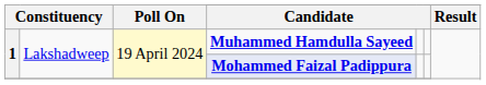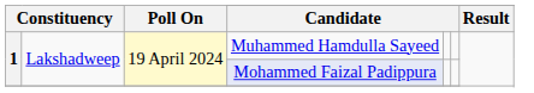 <table class="wikitable " style="text-align:center;">
 <tr>
 <th colspan="2" rowspan="2">Constituency</th>
 <th rowspan="2">Poll On</th>
 </tr>
 <tr>
 <th colspan="3">Candidate</th>
 <th>Result</th>
 </tr>
 <tr>
 <th rowspan="2">1</th>
 <td rowspan="2"><a href='#'>Lakshadweep</a></td>
 <td rowspan="2" bgcolor=#FFFACD>19 April 2024</td>
-<td><strong><a href='#'>Muhammed Hamdulla Sayeed</a></strong></td>
+<td><a href='#'>Muhammed Hamdulla Sayeed</a></td>
 <td></td>
 <td></td>
 </tr>
 <tr>
-<td bgcolor=#e5e9f7><strong><a href='#'>Mohammed Faizal Padippura</a></strong></td>
+<td bgcolor=#e5e9f7><a href='#'>Mohammed Faizal Padippura</a></td>
 <td></td>
 <td></td>
 </tr>
 <tr>
 </tr>
 </table>
